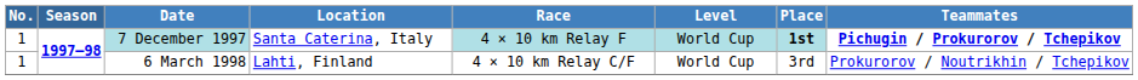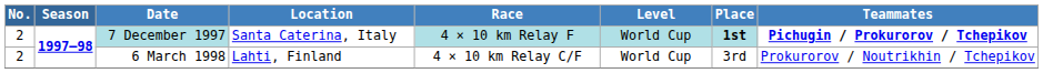 <table class="wikitable sortable" style="font-size:95%; text-align:center; border:grey solid 1px; border-collapse:collapse; background:#ffffff;">
 <tr style="background:#efefef;">
 <th style="background-color:#369; color:white;">No.</th>
 <th style="background-color:#369; color:white;">Season</th>
 <th style="background-color:#4180be; color:white; width:120px;">Date</th>
 <th style="background-color:#4180be; color:white; width:170px;">Location</th>
 <th style="background-color:#4180be; color:white; width:170px;">Race</th>
 <th style="background-color:#4180be; color:white; width:100px;">Level</th>
 <th style="background-color:#4180be; color:white;">Place</th>
 <th style="background-color:#4180be; color:white;">Teammates</th>
 </tr>
 <tr>
-<td align=center>1</td>
+<td align=center>2</td>
 <td rowspan=2 align=center><strong><a href='#'>1997–98</a></strong></td>
 <td bgcolor="#BOEOE6" align=right>7 December 1997</td>
 <td align=left> <a href='#'>Santa Caterina</a>, Italy</td>
 <td bgcolor="#BOEOE6">4 × 10 km Relay F</td>
 <td bgcolor="#BOEOE6">World Cup</td>
 <td bgcolor="#BOEOE6"><strong>1st</strong></td>
 <td><strong><a href='#'>Pichugin</a> / <a href='#'>Prokurorov</a> / <a href='#'>Tchepikov</a></strong></td>
 </tr>
 <tr>
-<td align=center>1</td>
+<td align=center>2</td>
 <td align=right>6 March 1998</td>
 <td align=left> <a href='#'>Lahti</a>, Finland</td>
 <td>4 × 10 km Relay C/F</td>
 <td>World Cup</td>
 <td>3rd</td>
 <td><a href='#'>Prokurorov</a> / <a href='#'>Noutrikhin</a> / <a href='#'>Tchepikov</a></td>
 </tr>
 <tr>
 </tr>
 </table>
